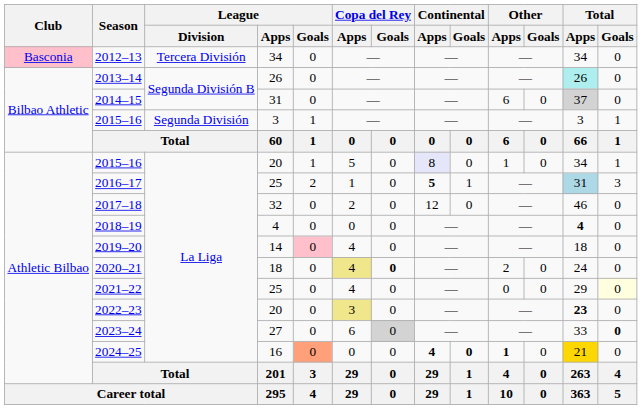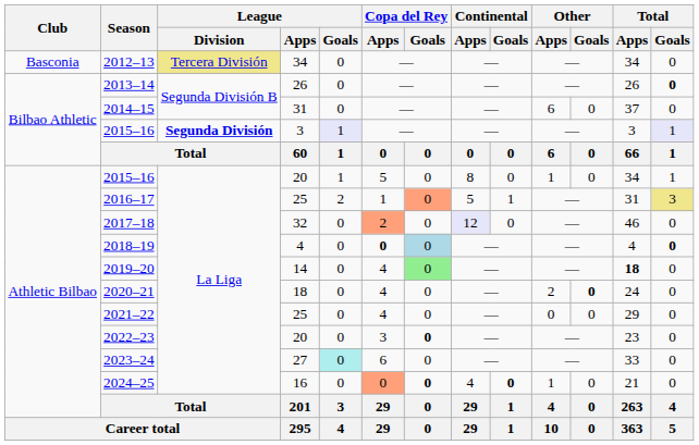 <table class="wikitable" style="text-align:center">
 <tr>
 <th rowspan="2">Club</th>
 <th rowspan="2">Season</th>
 <th colspan="3">League</th>
 <th colspan="2"><a href='#'>Copa del Rey</a></th>
 <th colspan="2">Continental</th>
 <th colspan="2">Other</th>
 <th colspan="2">Total</th>
 </tr>
 <tr>
 <th>Division</th>
 <th>Apps</th>
 <th>Goals</th>
 <th>Apps</th>
 <th>Goals</th>
 <th>Apps</th>
 <th>Goals</th>
 <th>Apps</th>
 <th>Goals</th>
 <th>Apps</th>
 <th>Goals</th>
 </tr>
 <tr>
-<td style="background: pink;"><a href='#'>Basconia</a></td>
+<td><a href='#'>Basconia</a></td>
 <td><a href='#'>2012–13</a></td>
-<td><a href='#'>Tercera División</a></td>
+<td style="background: khaki;"><a href='#'>Tercera División</a></td>
 <td>34</td>
 <td>0</td>
 <td colspan="2">—</td>
 <td colspan="2">—</td>
 <td colspan="2">—</td>
 <td>34</td>
 <td>0</td>
 </tr>
 <tr>
 <td rowspan="4"><a href='#'>Bilbao Athletic</a></td>
 <td><a href='#'>2013–14</a></td>
 <td rowspan="2"><a href='#'>Segunda División B</a></td>
 <td>26</td>
 <td>0</td>
 <td colspan="2">—</td>
 <td colspan="2">—</td>
 <td colspan="2">—</td>
-<td style="background: paleturquoise;">26</td>
-<td>0</td>
+<td>26</td>
+<td><strong>0</strong></td>
 </tr>
 <tr>
 <td><a href='#'>2014–15</a></td>
 <td>31</td>
 <td>0</td>
 <td colspan="2">—</td>
 <td colspan="2">—</td>
 <td>6</td>
 <td>0</td>
-<td style="background: lightgrey;">37</td>
+<td>37</td>
 <td>0</td>
 </tr>
 <tr>
 <td><a href='#'>2015–16</a></td>
-<td><a href='#'>Segunda División</a></td>
+<td><strong><a href='#'>Segunda División</a></strong></td>
 <td>3</td>
-<td>1</td>
+<td style="background: lavender;">1</td>
 <td colspan="2">—</td>
 <td colspan="2">—</td>
 <td colspan="2">—</td>
 <td>3</td>
-<td>1</td>
+<td style="background: lavender;">1</td>
 </tr>
 <tr>
 <th colspan="2">Total</th>
 <th>60</th>
 <th>1</th>
 <th>0</th>
 <th>0</th>
 <th>0</th>
 <th>0</th>
 <th>6</th>
 <th>0</th>
 <th>66</th>
 <th>1</th>
 </tr>
 <tr>
 <td rowspan="11"><a href='#'>Athletic Bilbao</a></td>
 <td><a href='#'>2015–16</a></td>
 <td rowspan="10"><a href='#'>La Liga</a></td>
 <td>20</td>
 <td>1</td>
 <td>5</td>
 <td>0</td>
-<td style="background: lavender;">8</td>
+<td>8</td>
 <td>0</td>
 <td>1</td>
 <td>0</td>
 <td>34</td>
 <td>1</td>
 </tr>
 <tr>
 <td><a href='#'>2016–17</a></td>
 <td>25</td>
 <td>2</td>
 <td>1</td>
-<td>0</td>
-<td><strong>5</strong></td>
+<td style="background: lightsalmon;">0</td>
+<td>5</td>
 <td>1</td>
 <td colspan="2">—</td>
-<td style="background: lightblue;">31</td>
-<td>3</td>
+<td>31</td>
+<td style="background: khaki;">3</td>
 </tr>
 <tr>
 <td><a href='#'>2017–18</a></td>
 <td>32</td>
 <td>0</td>
-<td>2</td>
+<td style="background: lightsalmon;">2</td>
 <td>0</td>
-<td>12</td>
+<td style="background: lavender;">12</td>
 <td>0</td>
 <td colspan="2">—</td>
 <td>46</td>
 <td>0</td>
 </tr>
 <tr>
 <td><a href='#'>2018–19</a></td>
 <td>4</td>
 <td>0</td>
-<td>0</td>
-<td>0</td>
+<td><strong>0</strong></td>
+<td style="background: lightblue;">0</td>
 <td colspan="2">—</td>
 <td colspan="2">—</td>
-<td><strong>4</strong></td>
-<td>0</td>
+<td>4</td>
+<td><strong>0</strong></td>
 </tr>
 <tr>
 <td><a href='#'>2019–20</a></td>
 <td>14</td>
-<td style="background: pink;">0</td>
+<td>0</td>
 <td>4</td>
-<td>0</td>
+<td style="background: lightgreen;">0</td>
 <td colspan="2">—</td>
 <td colspan="2">—</td>
-<td>18</td>
+<td><strong>18</strong></td>
 <td>0</td>
 </tr>
 <tr>
 <td><a href='#'>2020–21</a></td>
 <td>18</td>
 <td>0</td>
-<td style="background: khaki;">4</td>
-<td><strong>0</strong></td>
+<td>4</td>
+<td>0</td>
 <td colspan="2">—</td>
 <td>2</td>
-<td>0</td>
+<td><strong>0</strong></td>
 <td>24</td>
 <td>0</td>
 </tr>
 <tr>
 <td><a href='#'>2021–22</a></td>
 <td>25</td>
 <td>0</td>
 <td>4</td>
 <td>0</td>
 <td colspan="2">—</td>
 <td>0</td>
 <td>0</td>
 <td>29</td>
-<td style="background: lightyellow;">0</td>
+<td>0</td>
 </tr>
 <tr>
 <td><a href='#'>2022–23</a></td>
 <td>20</td>
 <td>0</td>
-<td style="background: khaki;">3</td>
-<td>0</td>
+<td>3</td>
+<td><strong>0</strong></td>
 <td colspan="2">—</td>
 <td colspan="2">—</td>
-<td><strong>23</strong></td>
+<td>23</td>
 <td>0</td>
 </tr>
 <tr>
 <td><a href='#'>2023–24</a></td>
 <td>27</td>
+<td style="background: paleturquoise;">0</td>
+<td>6</td>
 <td>0</td>
-<td>6</td>
-<td style="background: lightgrey;">0</td>
 <td colspan="2">—</td>
 <td colspan="2">—</td>
 <td>33</td>
-<td><strong>0</strong></td>
+<td>0</td>
 </tr>
 <tr>
 <td><a href='#'>2024–25</a></td>
 <td>16</td>
+<td>0</td>
 <td style="background: lightsalmon;">0</td>
+<td><strong>0</strong></td>
+<td>4</td>
+<td><strong>0</strong></td>
+<td>1</td>
 <td>0</td>
-<td>0</td>
-<td><strong>4</strong></td>
-<td><strong>0</strong></td>
-<td><strong>1</strong></td>
-<td>0</td>
-<td style="background: gold;">21</td>
+<td>21</td>
 <td>0</td>
 </tr>
 <tr>
 <th colspan="2">Total</th>
 <th>201</th>
 <th>3</th>
 <th>29</th>
 <th>0</th>
 <th>29</th>
 <th>1</th>
 <th>4</th>
 <th>0</th>
 <th>263</th>
 <th>4</th>
 </tr>
 <tr>
 <th colspan="3">Career total</th>
 <th>295</th>
 <th>4</th>
 <th>29</th>
 <th>0</th>
 <th>29</th>
 <th>1</th>
 <th>10</th>
 <th>0</th>
 <th>363</th>
 <th>5</th>
 </tr>
 </table>
